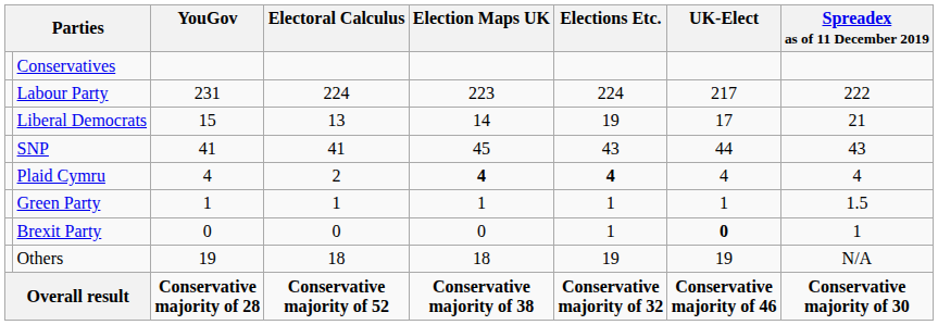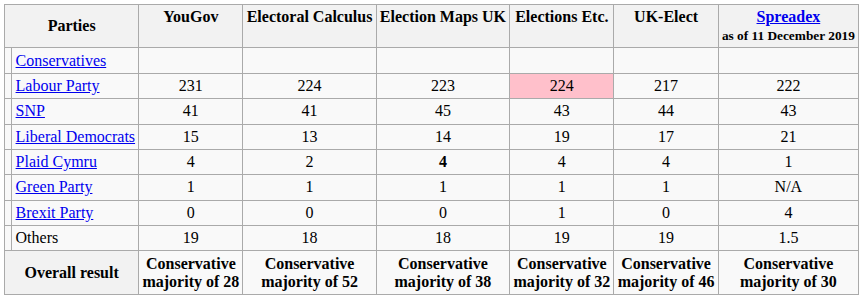 <table class="wikitable">
 <tr>
 <th colspan="2">Parties</th>
 <th style="vertical-align:top;">YouGov<br></th>
 <th style="vertical-align:top;">Electoral Calculus<br></th>
 <th style="vertical-align:top;">Election Maps UK<br></th>
 <th style="vertical-align:top;">Elections Etc.<br></th>
 <th style="vertical-align:top;">UK-Elect<br></th>
 <th><a href='#'>Spreadex</a><br><small>as of 11 December 2019</small></th>
 </tr>
 <tr>
 <td style="color:inherit;background:"></td>
 <td><a href='#'>Conservatives</a></td>
 <td></td>
 <td></td>
 <td></td>
 <td></td>
 <td></td>
 <td></td>
 </tr>
 <tr>
 <td style="color:inherit;background:"></td>
 <td><a href='#'>Labour Party</a></td>
 <td style="text-align:center;">231</td>
 <td style="text-align:center;">224</td>
 <td style="text-align:center;">223</td>
-<td style="text-align:center;">224</td>
+<td style="background: pink; text-align:center;">224</td>
 <td style="text-align:center;">217</td>
 <td style="text-align:center;">222</td>
+</tr>
+<tr>
+<td style="color:inherit;background:"></td>
+<td><a href='#'>SNP</a></td>
+<td style="text-align:center;">41</td>
+<td style="text-align:center;">41</td>
+<td style="text-align:center;">45</td>
+<td style="text-align:center;">43</td>
+<td style="text-align:center;">44</td>
+<td style="text-align:center;">43</td>
 </tr>
 <tr>
 <td style="color:inherit;background:"></td>
 <td><a href='#'>Liberal Democrats</a></td>
 <td style="text-align:center;">15</td>
 <td style="text-align:center;">13</td>
 <td style="text-align:center;">14</td>
 <td style="text-align:center;">19</td>
 <td style="text-align:center;">17</td>
 <td style="text-align:center;">21</td>
 </tr>
 <tr>
 <td style="color:inherit;background:"></td>
-<td><a href='#'>SNP</a></td>
-<td style="text-align:center;">41</td>
-<td style="text-align:center;">41</td>
-<td style="text-align:center;">45</td>
-<td style="text-align:center;">43</td>
-<td style="text-align:center;">44</td>
-<td style="text-align:center;">43</td>
-</tr>
-<tr>
-<td style="color:inherit;background:"></td>
 <td><a href='#'>Plaid Cymru</a></td>
 <td style="text-align:center;">4</td>
 <td style="text-align:center;">2</td>
 <td style="text-align:center;"><strong>4</strong></td>
-<td style="text-align:center;"><strong>4</strong></td>
 <td style="text-align:center;">4</td>
 <td style="text-align:center;">4</td>
+<td style="text-align:center;">1</td>
 </tr>
 <tr>
 <td style="color:inherit;background:"></td>
 <td><a href='#'>Green Party</a></td>
 <td style="text-align:center;">1</td>
 <td style="text-align:center;">1</td>
 <td style="text-align:center;">1</td>
 <td style="text-align:center;">1</td>
 <td style="text-align:center;">1</td>
-<td style="text-align:center;">1.5</td>
+<td style="text-align:center;">N/A</td>
 </tr>
 <tr>
 <td style="color:inherit;background:"></td>
 <td><a href='#'>Brexit Party</a></td>
 <td style="text-align:center;">0</td>
 <td style="text-align:center;">0</td>
 <td style="text-align:center;">0</td>
 <td style="text-align:center;">1</td>
-<td style="text-align:center;"><strong>0</strong></td>
-<td style="text-align:center;">1</td>
+<td style="text-align:center;">0</td>
+<td style="text-align:center;">4</td>
 </tr>
 <tr>
 <td style="color:inherit;background:"></td>
 <td>Others</td>
 <td style="text-align:center;">19</td>
 <td style="text-align:center;">18</td>
 <td style="text-align:center;">18</td>
 <td style="text-align:center;">19</td>
 <td style="text-align:center;">19</td>
-<td style="text-align:center;">N/A</td>
+<td style="text-align:center;">1.5</td>
 </tr>
 <tr>
 <th colspan="2">Overall result</th>
 <td style="text-align:center; background:"><strong>Conservative <br> majority of 28</strong></td>
 <td style="text-align:center; background:"><strong>Conservative <br> majority of 52</strong></td>
 <td style="text-align:center; background:"><strong>Conservative <br> majority of 38</strong></td>
 <td style="text-align:center; background:"><strong>Conservative <br> majority of 32</strong></td>
 <td style="text-align:center; background:"><strong>Conservative <br> majority of 46</strong></td>
 <td style="text-align:center; background:"><strong>Conservative <br> majority of 30</strong></td>
 </tr>
 </table>
